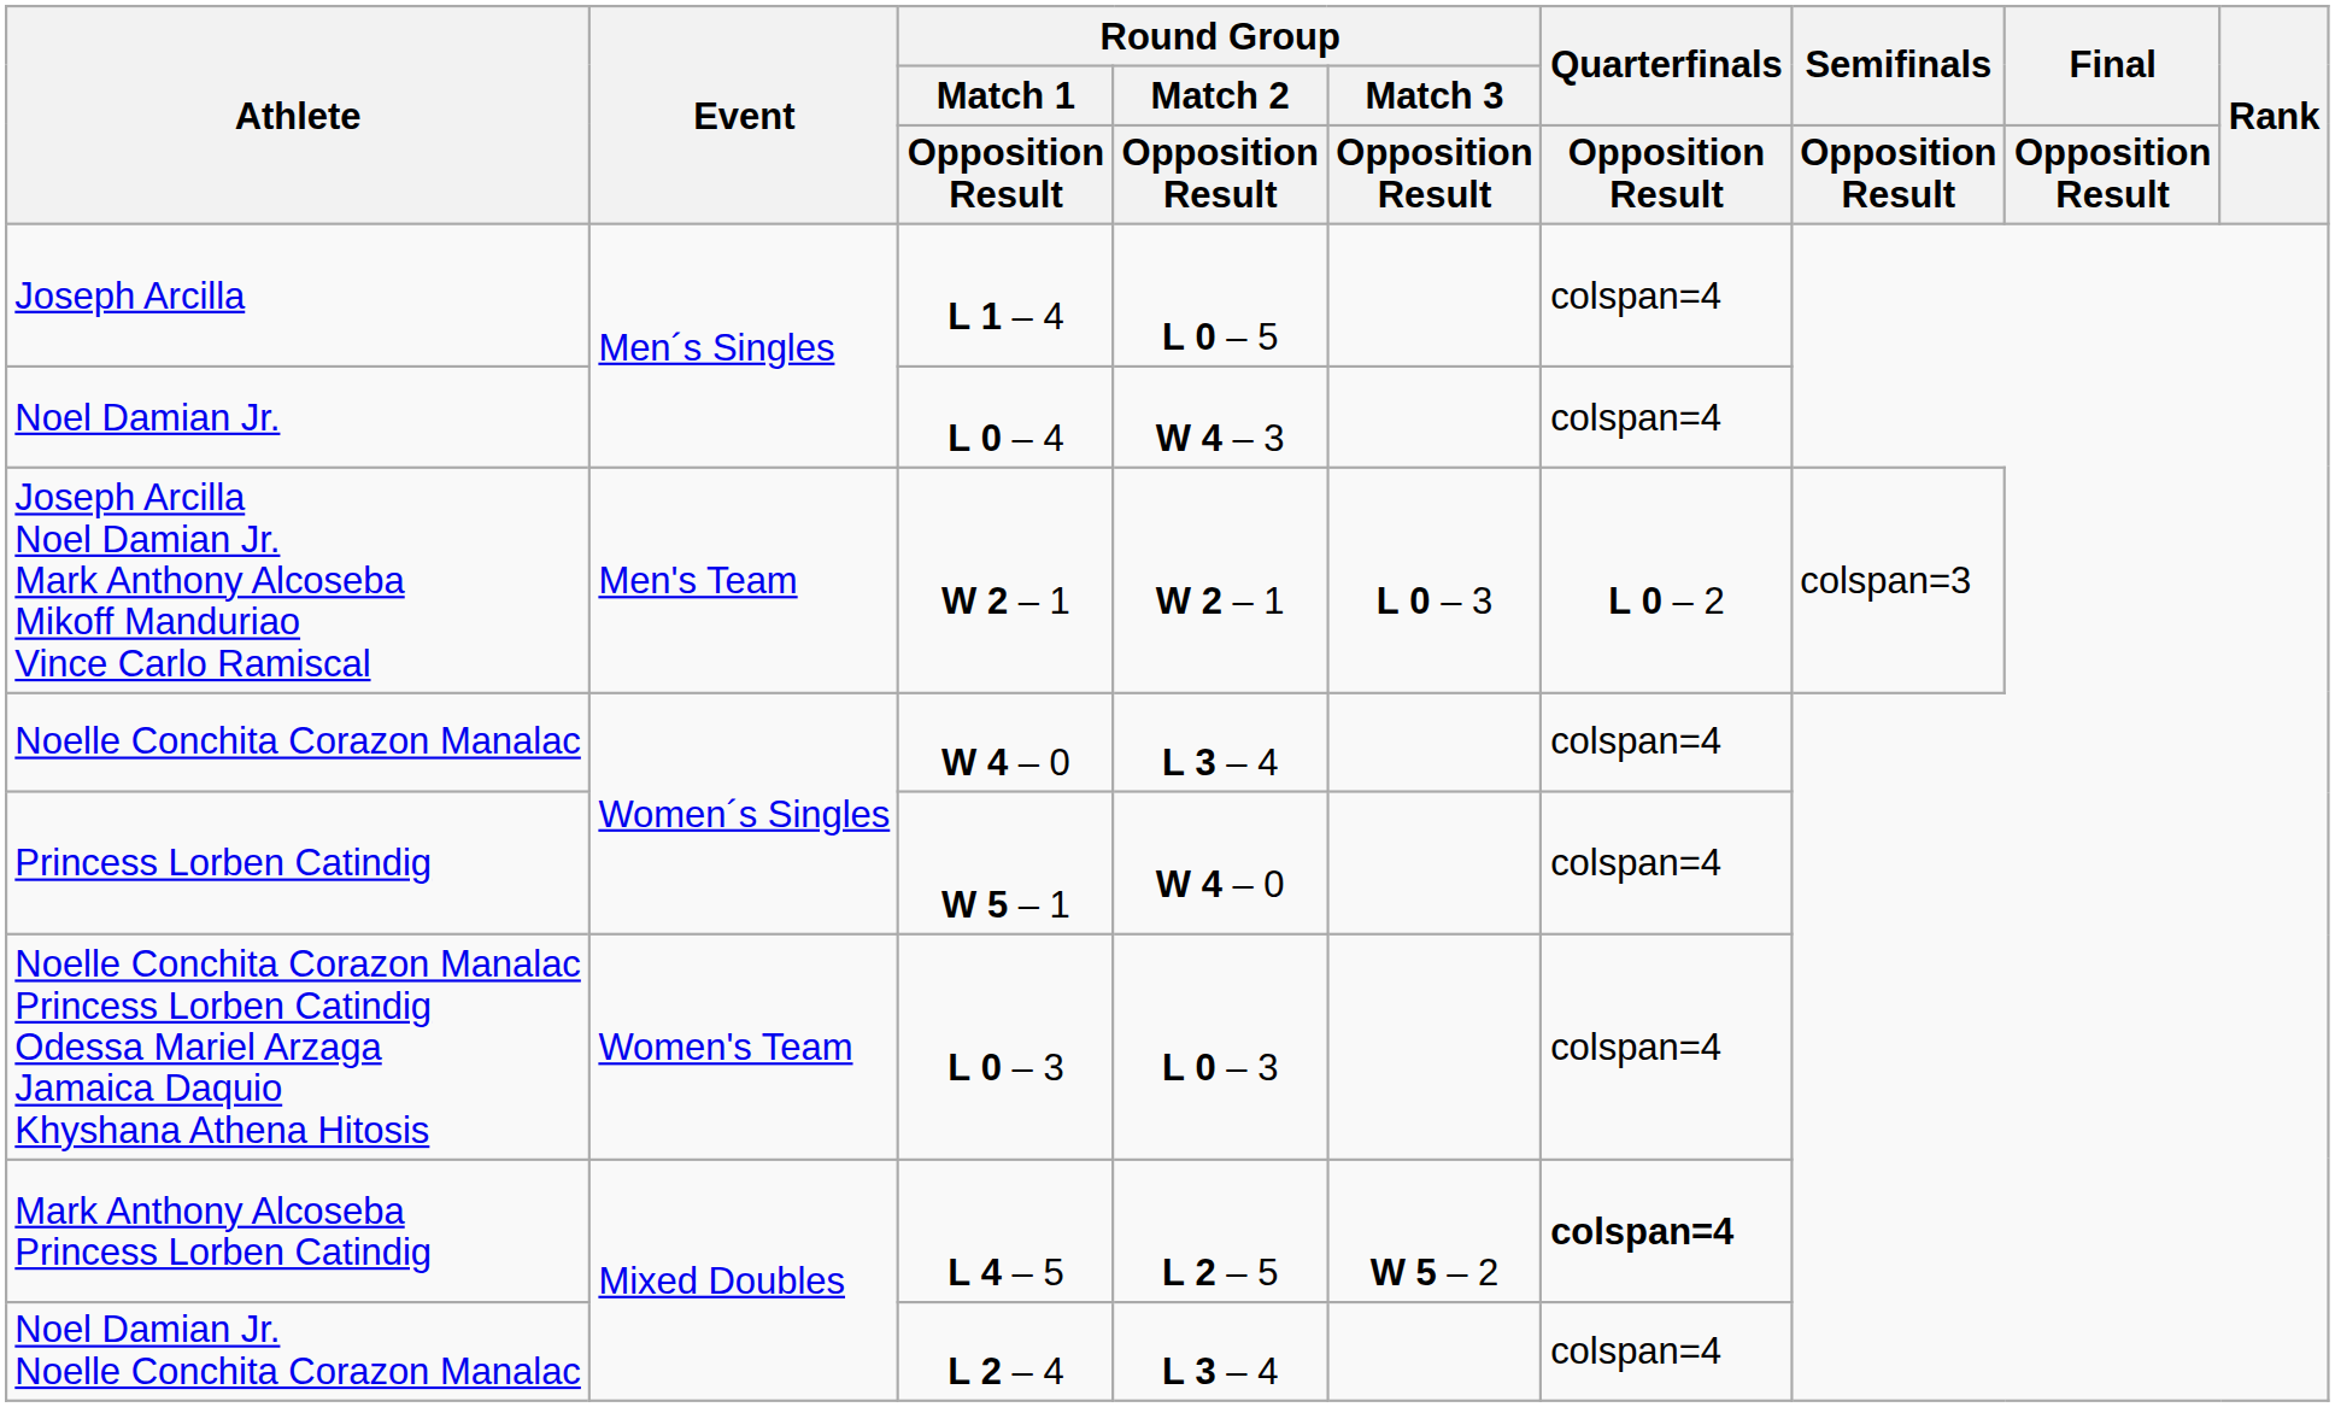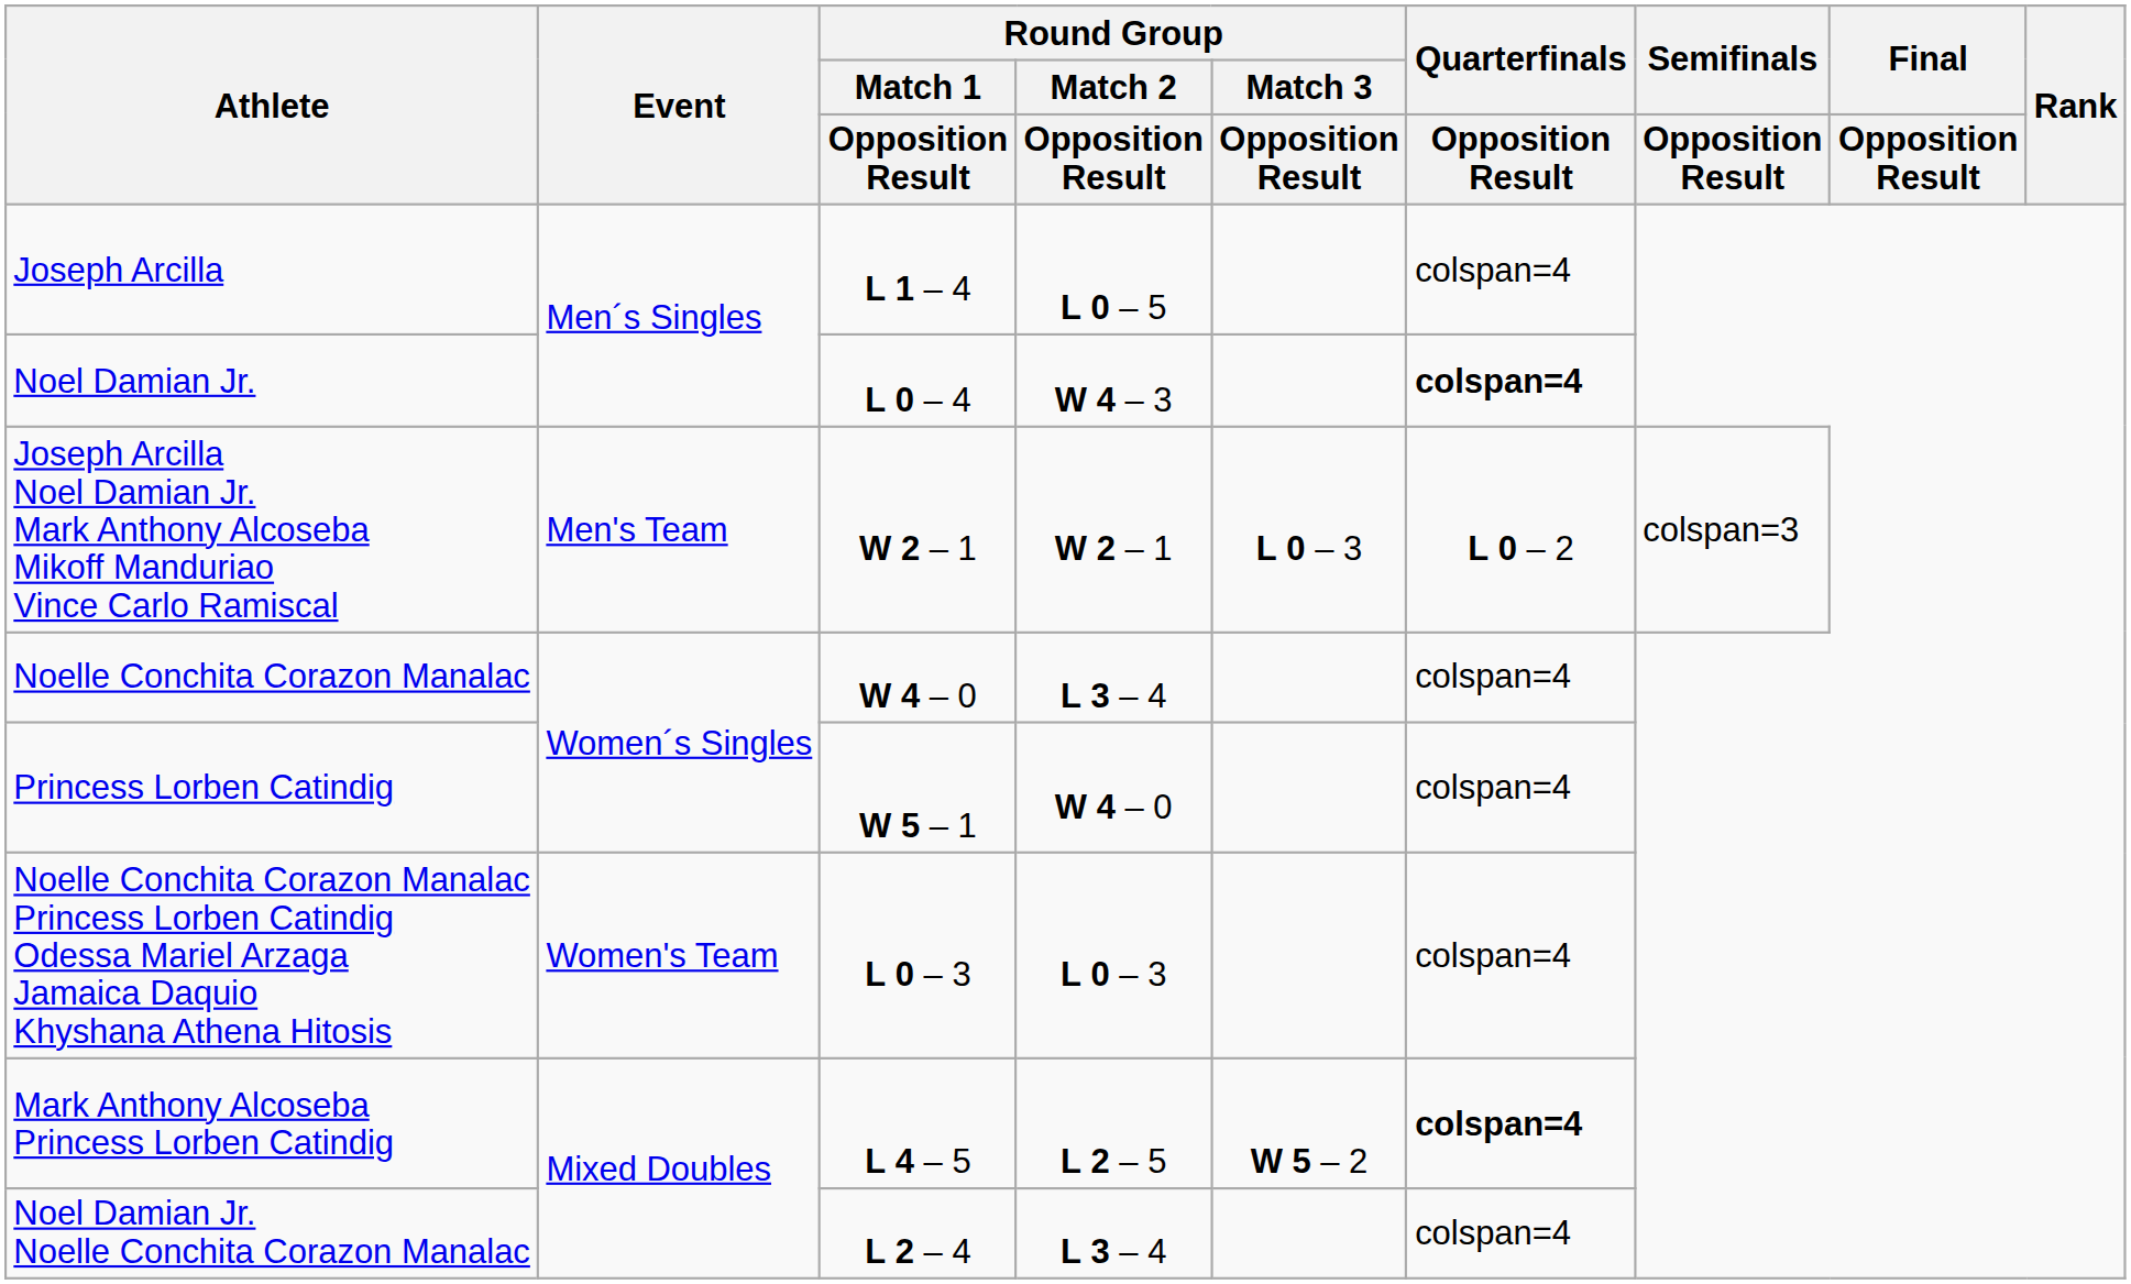 <table class="wikitable" border="1" style="font-size:90%">
 <tr>
 <th rowspan=3>Athlete</th>
 <th rowspan=3>Event</th>
 <th colspan=3>Round Group</th>
 <th rowspan=2>Quarterfinals</th>
 <th rowspan=2>Semifinals</th>
 <th rowspan=2>Final</th>
 <th rowspan=3>Rank</th>
 </tr>
 <tr>
 <th>Match 1</th>
 <th>Match 2</th>
 <th>Match 3</th>
 </tr>
 <tr>
 <th>Opposition<br>Result</th>
 <th>Opposition<br>Result</th>
 <th>Opposition<br>Result</th>
 <th>Opposition<br>Result</th>
 <th>Opposition<br>Result</th>
 <th>Opposition<br>Result</th>
 </tr>
 <tr>
 <td><a href='#'>Joseph Arcilla</a></td>
 <td rowspan=2><a href='#'>Men´s Singles</a></td>
 <td align=center> <br> <strong>L</strong> <strong>1</strong> – 4</td>
 <td align=center><br> <br> <strong>L</strong> <strong>0</strong> – 5</td>
 <td></td>
 <td>colspan=4 </td>
 </tr>
 <tr>
 <td><a href='#'>Noel Damian Jr.</a></td>
 <td align=center> <br> <strong>L</strong> <strong>0</strong> – 4</td>
 <td align=center> <br> <strong>W</strong> <strong>4</strong> – 3</td>
 <td></td>
-<td>colspan=4 </td>
+<td><strong>colspan=4 </strong></td>
 </tr>
 <tr>
 <td><a href='#'>Joseph Arcilla</a><br><a href='#'>Noel Damian Jr.</a><br><a href='#'>Mark Anthony Alcoseba</a><br><a href='#'>Mikoff Manduriao</a><br><a href='#'>Vince Carlo Ramiscal</a></td>
 <td><a href='#'>Men's Team</a></td>
 <td align=center> <br> <strong>W</strong> <strong>2</strong> – 1</td>
 <td align=center> <br> <strong>W</strong> <strong>2</strong> – 1</td>
 <td align=center> <br> <strong>L</strong> <strong>0</strong> – 3</td>
 <td align=center> <br> <strong>L</strong> <strong>0</strong> – 2</td>
 <td>colspan=3 </td>
 </tr>
 <tr>
 <td><a href='#'>Noelle Conchita Corazon Manalac</a></td>
 <td rowspan=2><a href='#'>Women´s Singles</a></td>
 <td align=center> <br> <strong>W</strong> <strong>4</strong> – 0</td>
 <td align=center> <br> <strong>L</strong> <strong>3</strong> – 4</td>
 <td></td>
 <td>colspan=4 </td>
 </tr>
 <tr>
 <td><a href='#'>Princess Lorben Catindig</a></td>
 <td align=center><br> <br> <strong>W</strong> <strong>5</strong> – 1</td>
 <td align=center> <br> <strong>W</strong> <strong>4</strong> – 0</td>
 <td></td>
 <td>colspan=4 </td>
 </tr>
 <tr>
 <td><a href='#'>Noelle Conchita Corazon Manalac</a><br><a href='#'>Princess Lorben Catindig</a><br><a href='#'>Odessa Mariel Arzaga</a><br><a href='#'>Jamaica Daquio</a><br><a href='#'>Khyshana Athena Hitosis</a></td>
 <td><a href='#'>Women's Team</a></td>
 <td align=center> <br> <strong>L</strong> <strong>0</strong> – 3</td>
 <td align=center> <br> <strong>L</strong> <strong>0</strong> – 3</td>
 <td></td>
 <td>colspan=4 </td>
 </tr>
 <tr>
 <td><a href='#'>Mark Anthony Alcoseba</a><br><a href='#'>Princess Lorben Catindig</a></td>
 <td rowspan=2><a href='#'>Mixed Doubles</a></td>
 <td align=center><br> <br> <strong>L</strong> <strong>4</strong> – 5</td>
 <td align=center><br> <br> <strong>L</strong> <strong>2</strong> – 5</td>
 <td align=center> <br> <br> <strong>W</strong> <strong>5</strong> – 2</td>
 <td><strong>colspan=4 </strong></td>
 </tr>
 <tr>
 <td><a href='#'>Noel Damian Jr.</a><br><a href='#'>Noelle Conchita Corazon Manalac</a></td>
 <td align=center> <br> <strong>L</strong> <strong>2</strong> – 4</td>
 <td align=center> <br> <strong>L</strong> <strong>3</strong> – 4</td>
 <td></td>
 <td>colspan=4 </td>
 </tr>
 </table>
